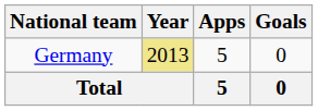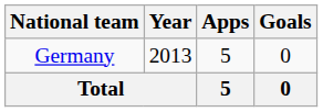 <table class="wikitable" style="text-align:center">
 <tr>
 <th>National team</th>
 <th>Year</th>
 <th>Apps</th>
 <th>Goals</th>
 </tr>
 <tr>
 <td><a href='#'>Germany</a></td>
-<td style="background: khaki;">2013</td>
+<td>2013</td>
 <td>5</td>
 <td>0</td>
 </tr>
 <tr>
 <th colspan="2">Total</th>
 <th>5</th>
 <th>0</th>
 </tr>
 </table>
